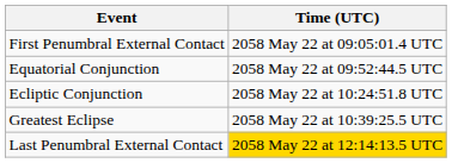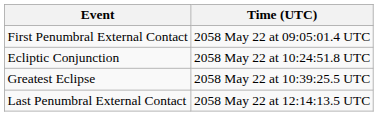 <table class="wikitable">
 <tr>
 <th>Event</th>
 <th>Time (UTC)</th>
 </tr>
 <tr>
 <td>First Penumbral External Contact</td>
 <td>2058 May 22 at 09:05:01.4 UTC</td>
-</tr>
-<tr>
-<td>Equatorial Conjunction</td>
-<td>2058 May 22 at 09:52:44.5 UTC</td>
 </tr>
 <tr>
 <td>Ecliptic Conjunction</td>
 <td>2058 May 22 at 10:24:51.8 UTC</td>
 </tr>
 <tr>
 <td>Greatest Eclipse</td>
 <td>2058 May 22 at 10:39:25.5 UTC</td>
 </tr>
 <tr>
 <td>Last Penumbral External Contact</td>
-<td style="background: gold;">2058 May 22 at 12:14:13.5 UTC</td>
+<td>2058 May 22 at 12:14:13.5 UTC</td>
 </tr>
 </table>
